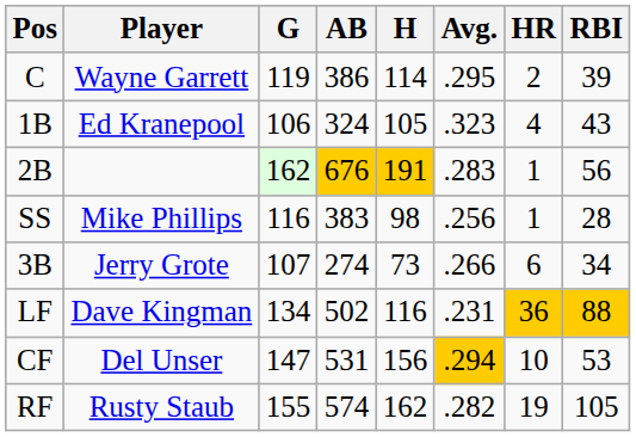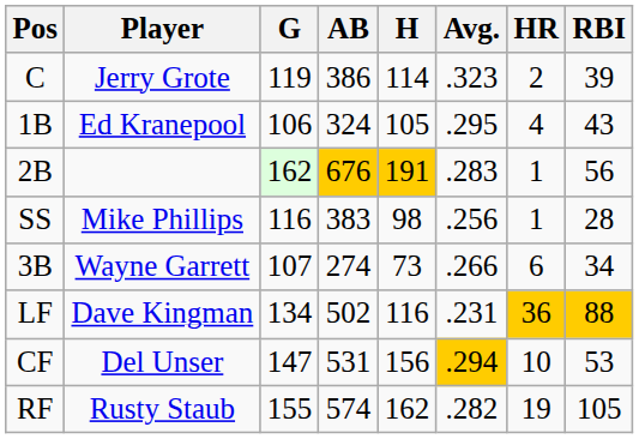 <table class="wikitable sortable">
 <tr>
 <th>Pos</th>
 <th>Player</th>
 <th>G</th>
 <th>AB</th>
 <th>H</th>
 <th>Avg.</th>
 <th>HR</th>
 <th>RBI</th>
 </tr>
 <tr align="center">
 <td>C</td>
-<td><a href='#'>Wayne Garrett</a></td>
+<td><a href='#'>Jerry Grote</a></td>
 <td>119</td>
 <td>386</td>
 <td>114</td>
-<td>.295</td>
+<td>.323</td>
 <td>2</td>
 <td>39</td>
 </tr>
 <tr align="center">
 <td>1B</td>
 <td><a href='#'>Ed Kranepool</a></td>
 <td>106</td>
 <td>324</td>
 <td>105</td>
-<td>.323</td>
+<td>.295</td>
 <td>4</td>
 <td>43</td>
 </tr>
 <tr align="center">
 <td>2B</td>
 <td></td>
 <td style="background:#DDFFDD;">162</td>
 <td style="background:#fc0;">676</td>
 <td style="background:#fc0;">191</td>
 <td>.283</td>
 <td>1</td>
 <td>56</td>
 </tr>
 <tr align="center">
 <td>SS</td>
 <td><a href='#'>Mike Phillips</a></td>
 <td>116</td>
 <td>383</td>
 <td>98</td>
 <td>.256</td>
 <td>1</td>
 <td>28</td>
 </tr>
 <tr align="center">
 <td>3B</td>
-<td><a href='#'>Jerry Grote</a></td>
+<td><a href='#'>Wayne Garrett</a></td>
 <td>107</td>
 <td>274</td>
 <td>73</td>
 <td>.266</td>
 <td>6</td>
 <td>34</td>
 </tr>
 <tr align="center">
 <td>LF</td>
 <td><a href='#'>Dave Kingman</a></td>
 <td>134</td>
 <td>502</td>
 <td>116</td>
 <td>.231</td>
 <td style="background:#fc0;">36</td>
 <td style="background:#fc0;">88</td>
 </tr>
 <tr align="center">
 <td>CF</td>
 <td><a href='#'>Del Unser</a></td>
 <td>147</td>
 <td>531</td>
 <td>156</td>
 <td style="background:#fc0;">.294</td>
 <td>10</td>
 <td>53</td>
 </tr>
 <tr align="center">
 <td>RF</td>
 <td><a href='#'>Rusty Staub</a></td>
 <td>155</td>
 <td>574</td>
 <td>162</td>
 <td>.282</td>
 <td>19</td>
 <td>105</td>
 </tr>
 </table>
